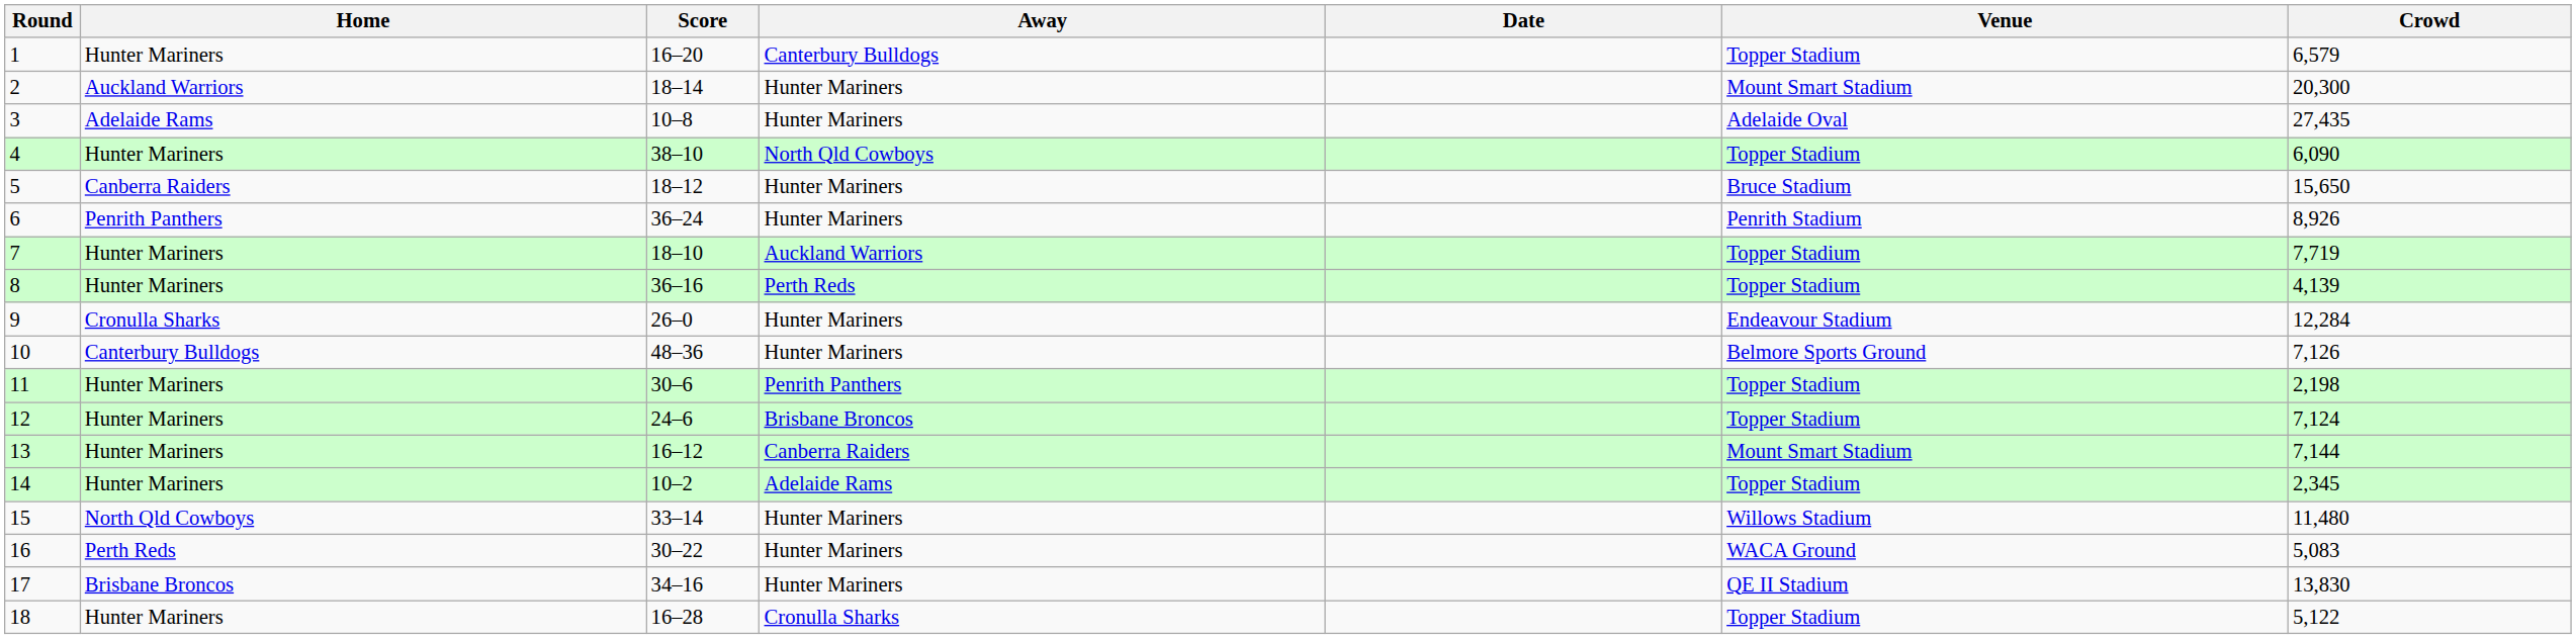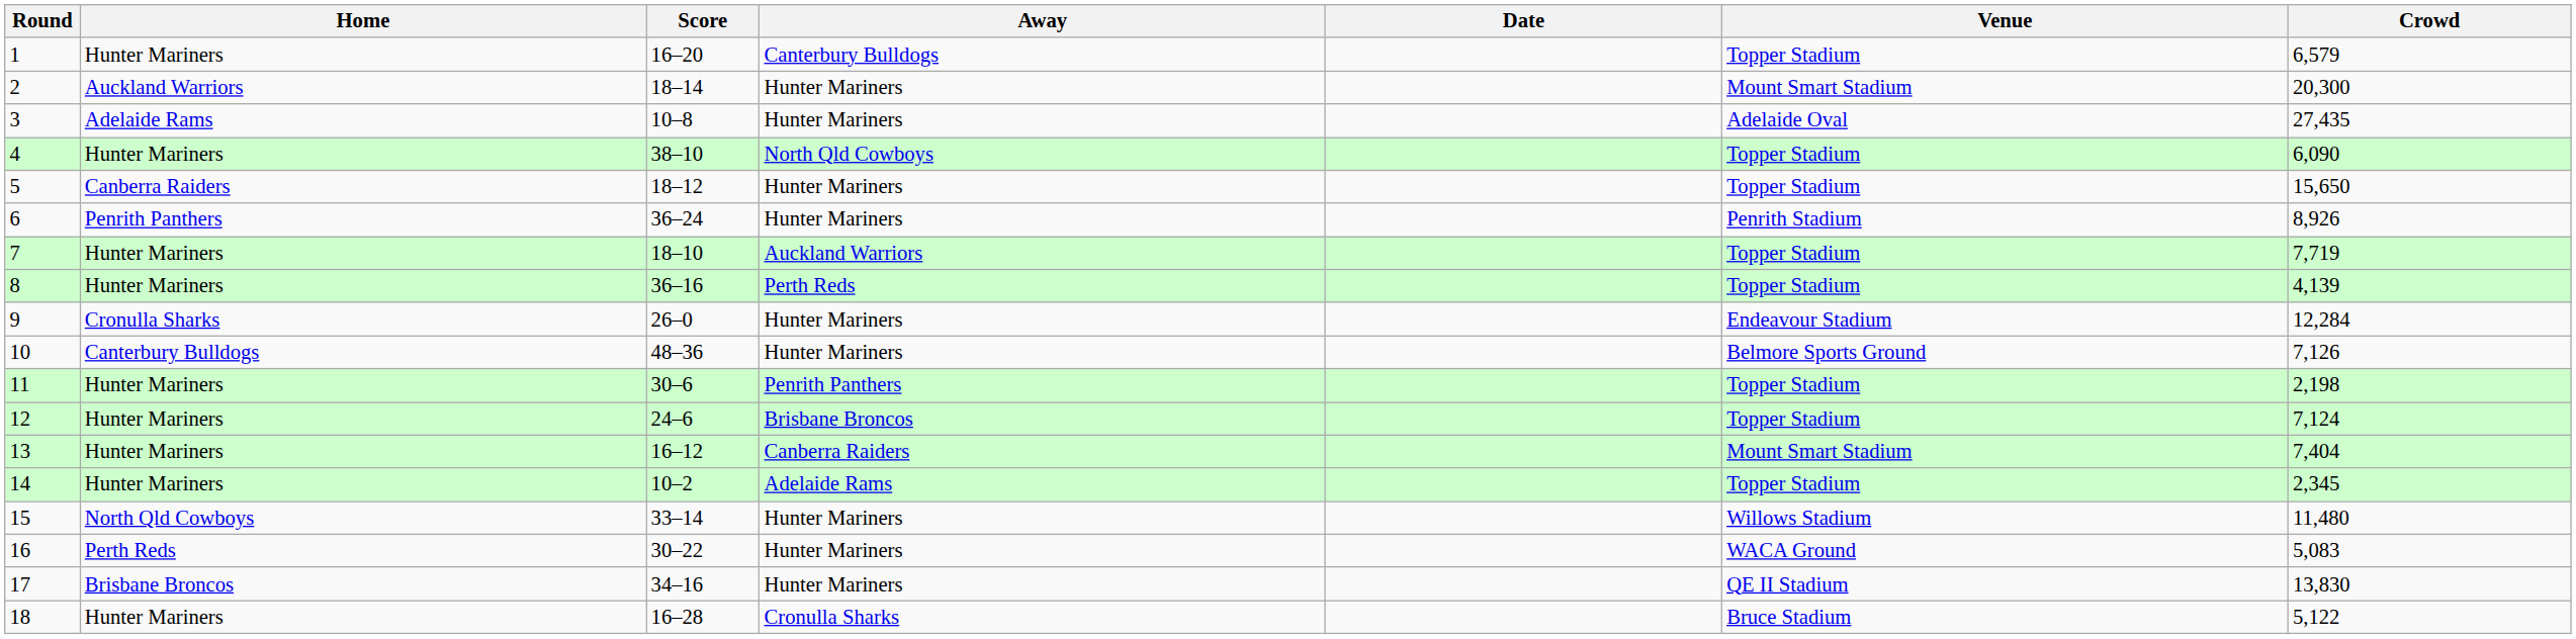 <table class="wikitable sortable">
 <tr>
 <th width=02%>Round</th>
 <th width=20%>Home</th>
 <th width=04%>Score</th>
 <th width=20%>Away</th>
 <th width=14%>Date</th>
 <th width=20%>Venue</th>
 <th width=10%>Crowd</th>
 </tr>
 <tr>
 <td>1</td>
 <td align=left>Hunter Mariners</td>
 <td>16–20</td>
 <td align=left><a href='#'>Canterbury Bulldogs</a></td>
 <td></td>
 <td><a href='#'>Topper Stadium</a></td>
 <td>6,579</td>
 </tr>
 <tr>
 <td>2</td>
 <td align=left><a href='#'>Auckland Warriors</a></td>
 <td>18–14</td>
 <td align=left>Hunter Mariners</td>
 <td></td>
 <td><a href='#'>Mount Smart Stadium</a></td>
 <td>20,300</td>
 </tr>
 <tr>
 <td>3</td>
 <td align=left><a href='#'>Adelaide Rams</a></td>
 <td>10–8</td>
 <td align=left>Hunter Mariners</td>
 <td></td>
 <td><a href='#'>Adelaide Oval</a></td>
 <td>27,435</td>
 </tr>
 <tr style="background:#cfc;">
 <td>4</td>
 <td align=left>Hunter Mariners</td>
 <td>38–10</td>
 <td align=left><a href='#'>North Qld Cowboys</a></td>
 <td></td>
 <td><a href='#'>Topper Stadium</a></td>
 <td>6,090</td>
 </tr>
 <tr>
 <td>5</td>
 <td align=left><a href='#'>Canberra Raiders</a></td>
 <td>18–12</td>
 <td align=left>Hunter Mariners</td>
 <td></td>
-<td><a href='#'>Bruce Stadium</a></td>
+<td><a href='#'>Topper Stadium</a></td>
 <td>15,650</td>
 </tr>
 <tr>
 <td>6</td>
 <td align=left><a href='#'>Penrith Panthers</a></td>
 <td>36–24</td>
 <td align=left>Hunter Mariners</td>
 <td></td>
 <td><a href='#'>Penrith Stadium</a></td>
 <td>8,926</td>
 </tr>
 <tr style="background:#cfc;">
 <td>7</td>
 <td align=left>Hunter Mariners</td>
 <td>18–10</td>
 <td align=left><a href='#'>Auckland Warriors</a></td>
 <td></td>
 <td><a href='#'>Topper Stadium</a></td>
 <td>7,719</td>
 </tr>
 <tr style="background:#cfc;">
 <td>8</td>
 <td align=left>Hunter Mariners</td>
 <td>36–16</td>
 <td align=left><a href='#'>Perth Reds</a></td>
 <td></td>
 <td><a href='#'>Topper Stadium</a></td>
 <td>4,139</td>
 </tr>
 <tr>
 <td>9</td>
 <td align=left><a href='#'>Cronulla Sharks</a></td>
 <td>26–0</td>
 <td align=left>Hunter Mariners</td>
 <td></td>
 <td><a href='#'>Endeavour Stadium</a></td>
 <td>12,284</td>
 </tr>
 <tr>
 <td>10</td>
 <td align=left><a href='#'>Canterbury Bulldogs</a></td>
 <td>48–36</td>
 <td align=left>Hunter Mariners</td>
 <td></td>
 <td><a href='#'>Belmore Sports Ground</a></td>
 <td>7,126</td>
 </tr>
 <tr style="background:#cfc;">
 <td>11</td>
 <td align=left>Hunter Mariners</td>
 <td>30–6</td>
 <td align=left><a href='#'>Penrith Panthers</a></td>
 <td></td>
 <td><a href='#'>Topper Stadium</a></td>
 <td>2,198</td>
 </tr>
 <tr style="background:#cfc;">
 <td>12</td>
 <td align=left>Hunter Mariners</td>
 <td>24–6</td>
 <td align=left><a href='#'>Brisbane Broncos</a></td>
 <td></td>
 <td><a href='#'>Topper Stadium</a></td>
 <td>7,124</td>
 </tr>
 <tr style="background:#cfc;">
 <td>13</td>
 <td align=left>Hunter Mariners</td>
 <td>16–12</td>
 <td align=left><a href='#'>Canberra Raiders</a></td>
 <td></td>
 <td><a href='#'>Mount Smart Stadium</a></td>
-<td>7,144</td>
+<td>7,404</td>
 </tr>
 <tr style="background:#cfc;">
 <td>14</td>
 <td align=left>Hunter Mariners</td>
 <td>10–2</td>
 <td align=left><a href='#'>Adelaide Rams</a></td>
 <td></td>
 <td><a href='#'>Topper Stadium</a></td>
 <td>2,345</td>
 </tr>
 <tr>
 <td>15</td>
 <td align=left><a href='#'>North Qld Cowboys</a></td>
 <td>33–14</td>
 <td align=left>Hunter Mariners</td>
 <td></td>
 <td><a href='#'>Willows Stadium</a></td>
 <td>11,480</td>
 </tr>
 <tr>
 <td>16</td>
 <td align=left><a href='#'>Perth Reds</a></td>
 <td>30–22</td>
 <td align=left>Hunter Mariners</td>
 <td></td>
 <td><a href='#'>WACA Ground</a></td>
 <td>5,083</td>
 </tr>
 <tr>
 <td>17</td>
 <td align=left><a href='#'>Brisbane Broncos</a></td>
 <td>34–16</td>
 <td align=left>Hunter Mariners</td>
 <td></td>
 <td><a href='#'>QE II Stadium</a></td>
 <td>13,830</td>
 </tr>
 <tr>
 <td>18</td>
 <td align=left>Hunter Mariners</td>
 <td>16–28</td>
 <td align=left><a href='#'>Cronulla Sharks</a></td>
 <td></td>
-<td><a href='#'>Topper Stadium</a></td>
+<td><a href='#'>Bruce Stadium</a></td>
 <td>5,122</td>
 </tr>
 </table>
